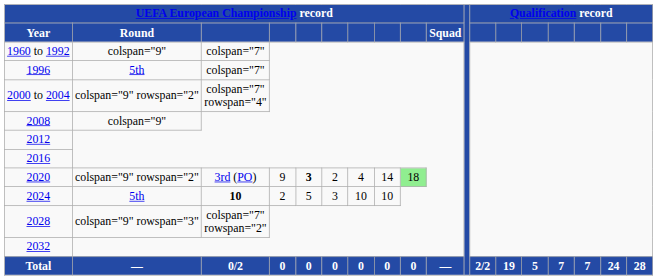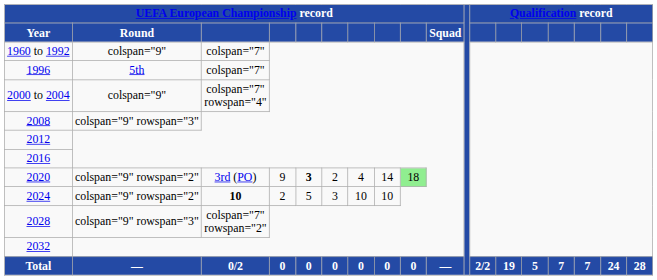 <table class="wikitable" style="text-align:center">
 <tr>
 <th colspan="10" style="background:#244AA5;color:white;"><a href='#'><span>UEFA European Championship</span></a> record</th>
 <th rowspan="20" style="background:#244AA5"></th>
 <th colspan="7" style="background:#244AA5;color:white;"><a href='#'><span>Qualification</span></a> record</th>
 </tr>
 <tr>
 <th style="background:#244AA5;color:white;">Year</th>
 <th style="background:#244AA5;color:white;">Round</th>
 <th width="28" style="background:#244AA5;color:white;"></th>
 <th width="28" style="background:#244AA5;color:white;"></th>
 <th width="28" style="background:#244AA5;color:white;"></th>
 <th width="28" style="background:#244AA5;color:white;"></th>
 <th width="28" style="background:#244AA5;color:white;"></th>
 <th width="28" style="background:#244AA5;color:white;"></th>
 <th width="28" style="background:#244AA5;color:white;"></th>
 <th style="background:#244AA5;color:white;">Squad</th>
 <th width="28" style="background:#244AA5;color:white;"></th>
 <th width="28" style="background:#244AA5;color:white;"></th>
 <th width="28" style="background:#244AA5;color:white;"></th>
 <th width="28" style="background:#244AA5;color:white;"></th>
 <th width="28" style="background:#244AA5;color:white;"></th>
 <th width="28" style="background:#244AA5;color:white;"></th>
 <th width="28" style="background:#244AA5;color:white;"></th>
 </tr>
 <tr>
 <td> <a href='#'>1960</a> to  <a href='#'>1992</a></td>
 <td>colspan="9" </td>
 <td>colspan="7" </td>
 </tr>
 <tr>
 <td> <a href='#'>1996</a></td>
 <td><a href='#'>5th</a></td>
 <td>colspan="7" </td>
 </tr>
 <tr>
 <td> <a href='#'>2000</a> to  <a href='#'>2004</a></td>
-<td>colspan="9" rowspan="2"</td>
+<td>colspan="9" </td>
 <td>colspan="7" rowspan="4" </td>
 </tr>
 <tr>
 <td> <a href='#'>2008</a></td>
-<td>colspan="9" </td>
+<td>colspan="9" rowspan="3" </td>
 </tr>
 <tr>
 <td> <a href='#'>2012</a></td>
 </tr>
 <tr>
 <td> <a href='#'>2016</a></td>
 </tr>
 <tr>
 <td> <a href='#'>2020</a></td>
 <td>colspan="9" rowspan="2"</td>
 <td><a href='#'>3rd</a> (<a href='#'>PO</a>)</td>
 <td>9</td>
 <td><strong>3</strong></td>
 <td>2</td>
 <td>4</td>
 <td>14</td>
 <td style="background: lightgreen;">18</td>
 </tr>
 <tr>
 <td> <a href='#'>2024</a></td>
-<td><a href='#'>5th</a></td>
+<td>colspan="9" rowspan="2" </td>
 <td><strong>10</strong></td>
 <td>2</td>
 <td>5</td>
 <td>3</td>
 <td>10</td>
 <td>10</td>
 </tr>
 <tr>
 <td>  <a href='#'>2028</a></td>
 <td>colspan="9" rowspan="3" </td>
 <td>colspan="7" rowspan="2" </td>
 </tr>
 <tr>
 <td>  <a href='#'>2032</a></td>
 </tr>
 <tr>
 <th style="background:#244AA5;color:white;">Total</th>
 <th style="background:#244AA5;color:white;">—</th>
 <th style="background:#244AA5;color:white;">0/2</th>
 <th style="background:#244AA5;color:white;">0</th>
 <th style="background:#244AA5;color:white;">0</th>
 <th style="background:#244AA5;color:white;">0</th>
 <th style="background:#244AA5;color:white;">0</th>
 <th style="background:#244AA5;color:white;">0</th>
 <th style="background:#244AA5;color:white;">0</th>
 <th style="background:#244AA5;color:white;">—</th>
 <th style="background:#244AA5;color:white;">2/2</th>
 <th style="background:#244AA5;color:white;">19</th>
 <th style="background:#244AA5;color:white;">5</th>
 <th style="background:#244AA5;color:white;">7</th>
 <th style="background:#244AA5;color:white;">7</th>
 <th style="background:#244AA5;color:white;">24</th>
 <th style="background:#244AA5;color:white;">28</th>
 </tr>
 </table>
